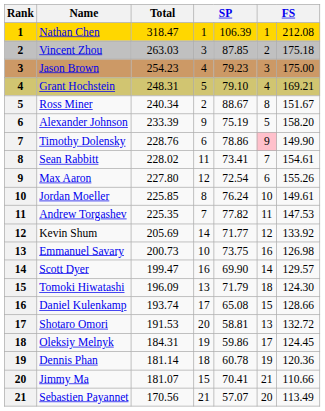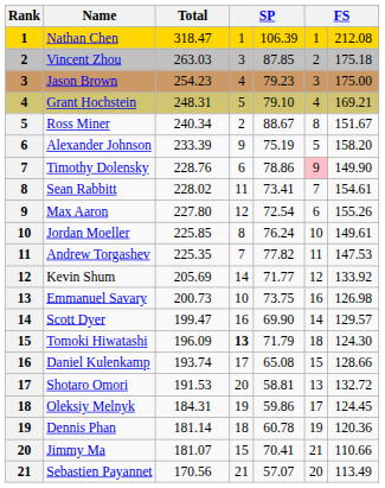 <table class="wikitable sortable">
 <tr>
 <th>Rank</th>
 <th>Name</th>
 <th width="80px">Total</th>
 <th colspan="2" width="80px"><a href='#'>SP</a></th>
 <th colspan="2" width="80px"><a href='#'>FS</a></th>
 </tr>
 <tr bgcolor="gold">
 <td align="center"><strong>1</strong></td>
 <td><a href='#'>Nathan Chen</a></td>
 <td align="center">318.47</td>
 <td align="center">1</td>
 <td align="center">106.39</td>
 <td align="center">1</td>
 <td align="center">212.08</td>
 </tr>
 <tr bgcolor="silver">
 <td align="center"><strong>2</strong></td>
 <td><a href='#'>Vincent Zhou</a></td>
 <td align="center">263.03</td>
 <td align="center">3</td>
 <td align="center">87.85</td>
 <td align="center">2</td>
 <td align="center">175.18</td>
 </tr>
 <tr bgcolor="cc9966">
 <td align="center"><strong>3</strong></td>
 <td><a href='#'>Jason Brown</a></td>
 <td align="center">254.23</td>
 <td align="center">4</td>
 <td align="center">79.23</td>
 <td align="center">3</td>
 <td align="center">175.00</td>
 </tr>
 <tr bgcolor="#d1c571">
 <td align="center"><strong>4</strong></td>
 <td><a href='#'>Grant Hochstein</a></td>
 <td align="center">248.31</td>
 <td align="center">5</td>
 <td align="center">79.10</td>
 <td align="center">4</td>
 <td align="center">169.21</td>
 </tr>
 <tr>
 <th>5</th>
 <td><a href='#'>Ross Miner</a></td>
 <td align="center">240.34</td>
 <td align="center">2</td>
 <td align="center">88.67</td>
 <td align="center">8</td>
 <td align="center">151.67</td>
 </tr>
 <tr>
 <th>6</th>
 <td><a href='#'>Alexander Johnson</a></td>
 <td align="center">233.39</td>
 <td align="center">9</td>
 <td align="center">75.19</td>
 <td align="center">5</td>
 <td align="center">158.20</td>
 </tr>
 <tr>
 <th>7</th>
 <td><a href='#'>Timothy Dolensky</a></td>
 <td align="center">228.76</td>
 <td align="center">6</td>
 <td align="center">78.86</td>
 <td align="center" style="background: pink;">9</td>
 <td align="center">149.90</td>
 </tr>
 <tr>
 <th>8</th>
 <td><a href='#'>Sean Rabbitt</a></td>
 <td align="center">228.02</td>
 <td align="center">11</td>
 <td align="center">73.41</td>
 <td align="center">7</td>
 <td align="center">154.61</td>
 </tr>
 <tr>
 <th>9</th>
 <td><a href='#'>Max Aaron</a></td>
 <td align="center">227.80</td>
 <td align="center">12</td>
 <td align="center">72.54</td>
 <td align="center">6</td>
 <td align="center">155.26</td>
 </tr>
 <tr>
 <th>10</th>
 <td><a href='#'>Jordan Moeller</a></td>
 <td align="center">225.85</td>
 <td align="center">8</td>
 <td align="center">76.24</td>
 <td align="center">10</td>
 <td align="center">149.61</td>
 </tr>
 <tr>
 <th>11</th>
 <td><a href='#'>Andrew Torgashev</a></td>
 <td align="center">225.35</td>
 <td align="center">7</td>
 <td align="center">77.82</td>
 <td align="center">11</td>
 <td align="center">147.53</td>
 </tr>
 <tr>
 <th>12</th>
 <td>Kevin Shum</td>
 <td align="center">205.69</td>
 <td align="center">14</td>
 <td align="center">71.77</td>
 <td align="center">12</td>
 <td align="center">133.92</td>
 </tr>
 <tr>
 <th>13</th>
 <td><a href='#'>Emmanuel Savary</a></td>
 <td align="center">200.73</td>
 <td align="center">10</td>
 <td align="center">73.75</td>
 <td align="center">16</td>
 <td align="center">126.98</td>
 </tr>
 <tr>
 <th>14</th>
 <td><a href='#'>Scott Dyer</a></td>
 <td align="center">199.47</td>
 <td align="center">16</td>
 <td align="center">69.90</td>
 <td align="center">14</td>
 <td align="center">129.57</td>
 </tr>
 <tr>
 <th>15</th>
 <td><a href='#'>Tomoki Hiwatashi</a></td>
 <td align="center">196.09</td>
-<td align="center">13</td>
+<td align="center"><strong>13</strong></td>
 <td align="center">71.79</td>
 <td align="center">18</td>
 <td align="center">124.30</td>
 </tr>
 <tr>
 <th>16</th>
 <td><a href='#'>Daniel Kulenkamp</a></td>
 <td align="center">193.74</td>
 <td align="center">17</td>
 <td align="center">65.08</td>
 <td align="center">15</td>
 <td align="center">128.66</td>
 </tr>
 <tr>
 <th>17</th>
 <td><a href='#'>Shotaro Omori</a></td>
 <td align="center">191.53</td>
 <td align="center">20</td>
 <td align="center">58.81</td>
 <td align="center">13</td>
 <td align="center">132.72</td>
 </tr>
 <tr>
 <th>18</th>
 <td><a href='#'>Oleksiy Melnyk</a></td>
 <td align="center">184.31</td>
 <td align="center">19</td>
 <td align="center">59.86</td>
 <td align="center">17</td>
 <td align="center">124.45</td>
 </tr>
 <tr>
 <th>19</th>
 <td><a href='#'>Dennis Phan</a></td>
 <td align="center">181.14</td>
 <td align="center">18</td>
 <td align="center">60.78</td>
 <td align="center">19</td>
 <td align="center">120.36</td>
 </tr>
 <tr>
 <th>20</th>
 <td><a href='#'>Jimmy Ma</a></td>
 <td align="center">181.07</td>
 <td align="center">15</td>
 <td align="center">70.41</td>
 <td align="center">21</td>
 <td align="center">110.66</td>
 </tr>
 <tr>
 <th>21</th>
 <td><a href='#'>Sebastien Payannet</a></td>
 <td align="center">170.56</td>
 <td align="center">21</td>
 <td align="center">57.07</td>
 <td align="center">20</td>
 <td align="center">113.49</td>
 </tr>
 </table>
